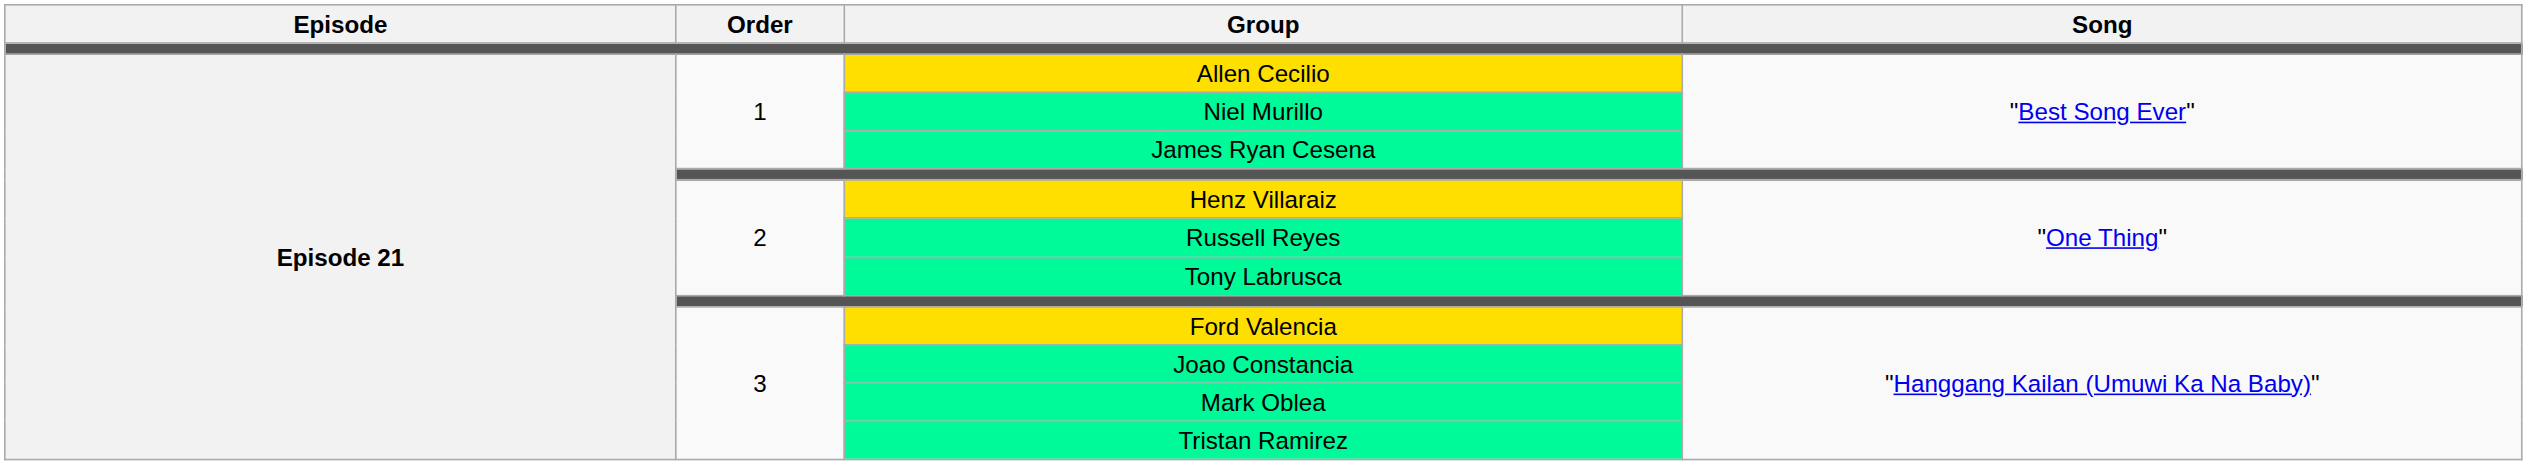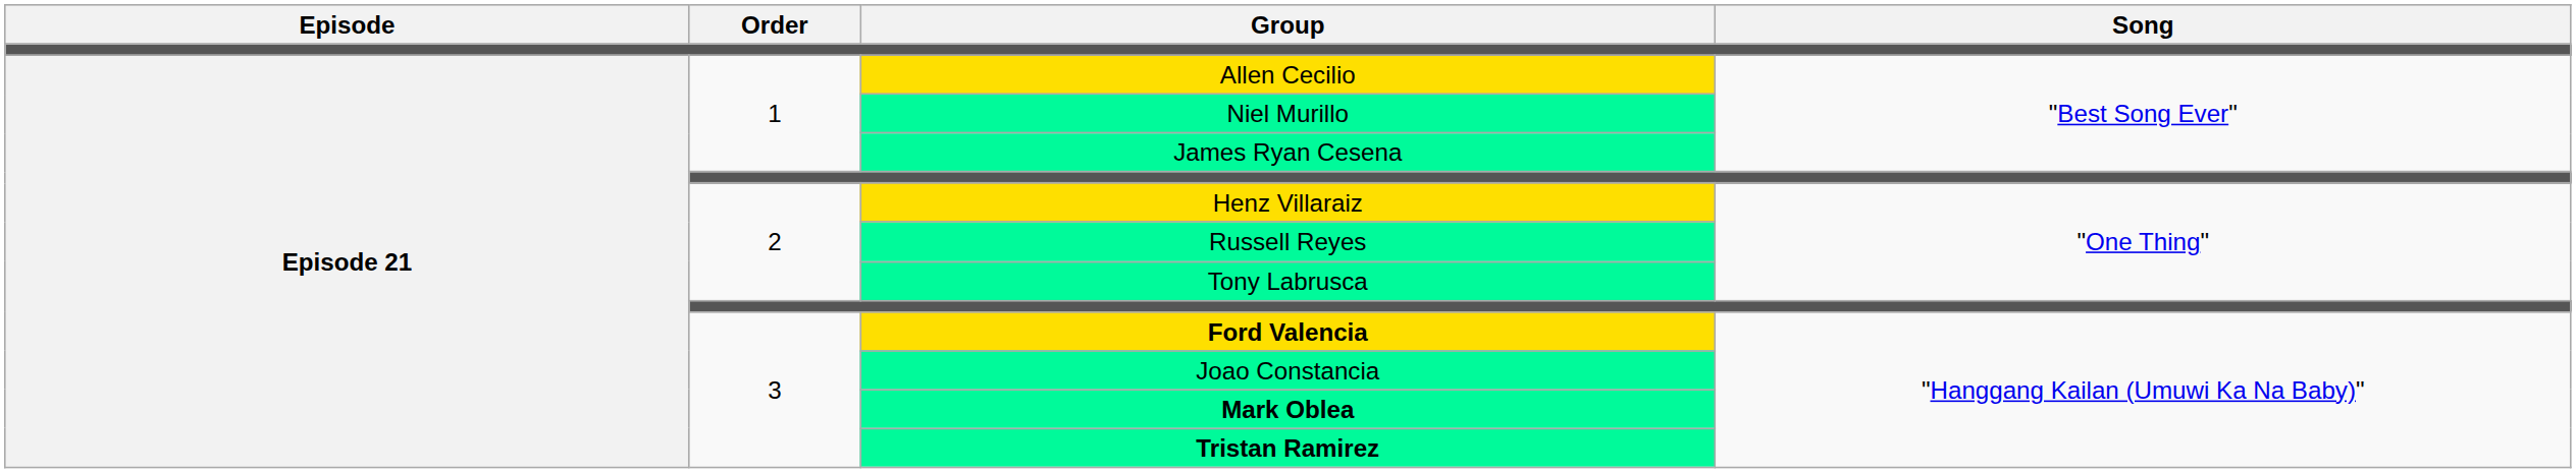 <table class="wikitable" style="text-align:center; line-height:17px; width:100%; font-size: 95%;">
 <tr>
 <th style="width:20%;">Episode</th>
 <th style="width:05%;">Order</th>
 <th style="width:25%;">Group</th>
 <th style="width:25%;">Song</th>
 </tr>
 <tr>
 <td colspan="4" style="background:#555;"></td>
 </tr>
 <tr>
 <th rowspan="12">Episode 21<br><small></small></th>
 <td rowspan="3">1</td>
 <td style="background:#fedf00;">Allen Cecilio</td>
 <td rowspan="3">"<a href='#'>Best Song Ever</a>"</td>
 </tr>
 <tr>
 <td style="background:#00fa9a;">Niel Murillo</td>
 </tr>
 <tr>
 <td style="background:#00fa9a;">James Ryan Cesena</td>
 </tr>
 <tr>
 <td colspan="3" style="background:#555;"></td>
 </tr>
 <tr>
 <td rowspan="3">2</td>
 <td style="background:#fedf00;">Henz Villaraiz</td>
 <td rowspan="3">"<a href='#'>One Thing</a>"</td>
 </tr>
 <tr>
 <td style="background:#00fa9a;">Russell Reyes</td>
 </tr>
 <tr>
 <td style="background:#00fa9a;">Tony Labrusca</td>
 </tr>
 <tr>
 <td colspan="3" style="background:#555;"></td>
 </tr>
 <tr>
 <td rowspan="4">3</td>
-<td style="background:#fedf00;">Ford Valencia</td>
+<td style="background:#fedf00;"><strong>Ford Valencia</strong></td>
 <td rowspan="4">"<a href='#'>Hanggang Kailan (Umuwi Ka Na Baby)</a>"</td>
 </tr>
 <tr>
 <td style="background:#00fa9a;">Joao Constancia</td>
 </tr>
 <tr>
-<td style="background:#00fa9a;">Mark Oblea</td>
+<td style="background:#00fa9a;"><strong>Mark Oblea</strong></td>
 </tr>
 <tr>
-<td style="background:#00fa9a;">Tristan Ramirez</td>
+<td style="background:#00fa9a;"><strong>Tristan Ramirez</strong></td>
 </tr>
 </table>
